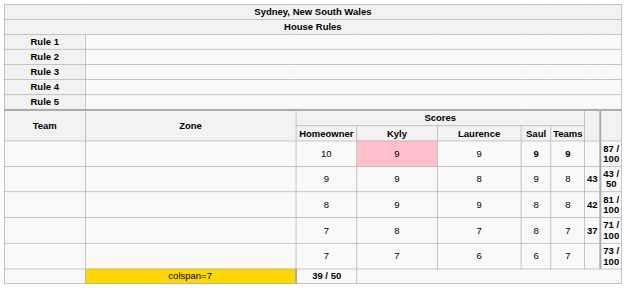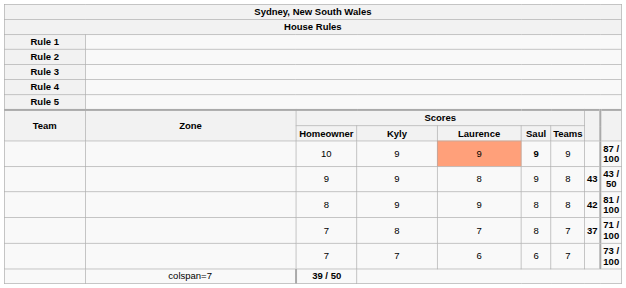 <table class="wikitable plainrowheaders" style="text-align:center; font-size:90%; width:65em;">
 <tr>
 <th colspan="9" >Sydney, New South Wales</th>
 </tr>
 <tr>
 <th colspan="9">House Rules</th>
 </tr>
 <tr>
 <th>Rule 1</th>
 <td colspan="8"></td>
 </tr>
 <tr>
 <th>Rule 2</th>
 <td colspan="8"></td>
 </tr>
 <tr>
 <th>Rule 3</th>
 <td colspan="8"></td>
 </tr>
 <tr>
 <th>Rule 4</th>
 <td colspan="8"></td>
 </tr>
 <tr>
 <th>Rule 5</th>
 <td colspan="8"></td>
 </tr>
 <tr style="border-top:3px solid #aaa;">
 <th rowspan="2">Team</th>
 <th rowspan="2" style="width:40%;">Zone</th>
 <th colspan="5" style="width:40%;">Scores</th>
 <th rowspan="2" style="width:10%;"></th>
 <th rowspan="2" style="width:10%; border-left:3px solid #aaa;"></th>
 </tr>
 <tr>
 <th style="width:10%;">Homeowner</th>
 <th style="width:15%;">Kyly</th>
 <th style="width:15%;">Laurence</th>
 <th style="width:15%;">Saul</th>
 <th style="width:15%;">Teams</th>
 </tr>
 <tr>
 <td style="width:15%;"></td>
 <td></td>
 <td>10</td>
-<td style="background: pink;">9</td>
 <td>9</td>
+<td style="background: lightsalmon;">9</td>
 <td><strong>9</strong></td>
-<td><strong>9</strong></td>
+<td>9</td>
 <td></td>
 <td style="border-left:3px solid #aaa;"><strong>87 / 100</strong></td>
 </tr>
 <tr>
 <td style="width:15%;"></td>
 <td></td>
 <td>9</td>
 <td>9</td>
 <td>8</td>
 <td>9</td>
 <td>8</td>
 <td><strong>43</strong></td>
 <td style="border-left:3px solid #aaa;"><strong>43 / 50</strong></td>
 </tr>
 <tr>
 <td style="width:15%;"></td>
 <td></td>
 <td>8</td>
 <td>9</td>
 <td>9</td>
 <td>8</td>
 <td>8</td>
 <td><strong>42</strong></td>
 <td style="border-left:3px solid #aaa;"><strong>81 / 100</strong></td>
 </tr>
 <tr>
 <td style="width:15%;"></td>
 <td></td>
 <td>7</td>
 <td>8</td>
 <td>7</td>
 <td>8</td>
 <td>7</td>
 <td><strong>37</strong></td>
 <td style="border-left:3px solid #aaa;"><strong>71 / 100</strong></td>
 </tr>
 <tr>
 <td style="width:15%;"></td>
 <td></td>
 <td>7</td>
 <td>7</td>
 <td>6</td>
 <td>6</td>
 <td>7</td>
 <td></td>
 <td style="border-left:3px solid #aaa;"><strong>73 / 100</strong></td>
 </tr>
 <tr>
 <td style="width:15%;"></td>
-<td style="background: gold;">colspan=7 </td>
+<td>colspan=7 </td>
 <td style="border-left:3px solid #aaa;"><strong>39 / 50</strong></td>
 </tr>
 </table>
